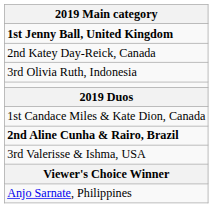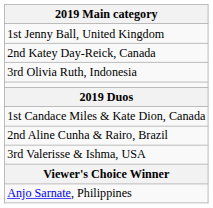 <table class="wikitable" style="float:left; margin-right:1em">
 <tr>
 <th>2019 Main category</th>
 </tr>
 <tr>
-<td><strong>1st Jenny Ball, United Kingdom</strong></td>
+<td>1st Jenny Ball, United Kingdom</td>
 </tr>
 <tr>
 <td>2nd Katey Day-Reick, Canada</td>
 </tr>
 <tr>
 <td>3rd Olivia Ruth, Indonesia</td>
 </tr>
 <tr>
 <td></td>
 </tr>
 <tr>
 <th>2019 Duos</th>
 </tr>
 <tr>
 <td>1st Candace Miles & Kate Dion, Canada</td>
 </tr>
 <tr>
-<td><strong>2nd Aline Cunha & Rairo, Brazil</strong></td>
+<td>2nd Aline Cunha & Rairo, Brazil</td>
 </tr>
 <tr>
 <td>3rd Valerisse & Ishma, USA</td>
 </tr>
 <tr>
 <th>Viewer's Choice Winner</th>
 </tr>
 <tr>
 <td><a href='#'>Anjo Sarnate</a>, Philippines</td>
 </tr>
 </table>
